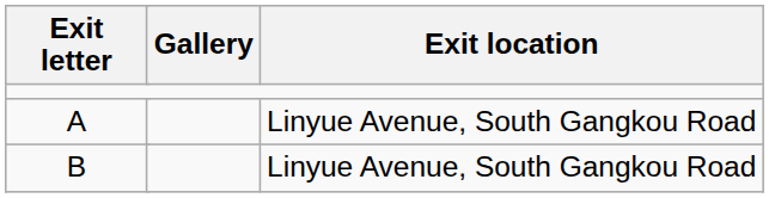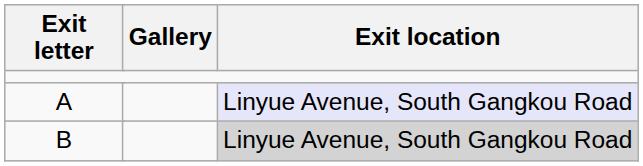 <table class="wikitable">
 <tr>
 <th colspan=2 style="width:70px">Exit letter</th>
 <th>Gallery</th>
 <th>Exit location</th>
 </tr>
 <tr style="background:#">
 <td colspan="4"></td>
 </tr>
 <tr>
 <td colspan=2 align=center>A</td>
 <td></td>
-<td>Linyue Avenue, South Gangkou Road</td>
+<td style="background: lavender;">Linyue Avenue, South Gangkou Road</td>
 </tr>
 <tr>
 <td colspan=2 align=center>B</td>
 <td></td>
-<td>Linyue Avenue, South Gangkou Road</td>
+<td style="background: lightgrey;">Linyue Avenue, South Gangkou Road</td>
 </tr>
 </table>
